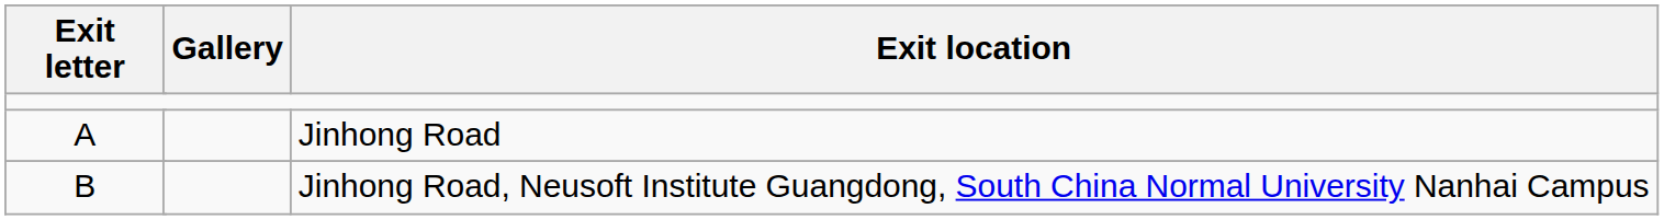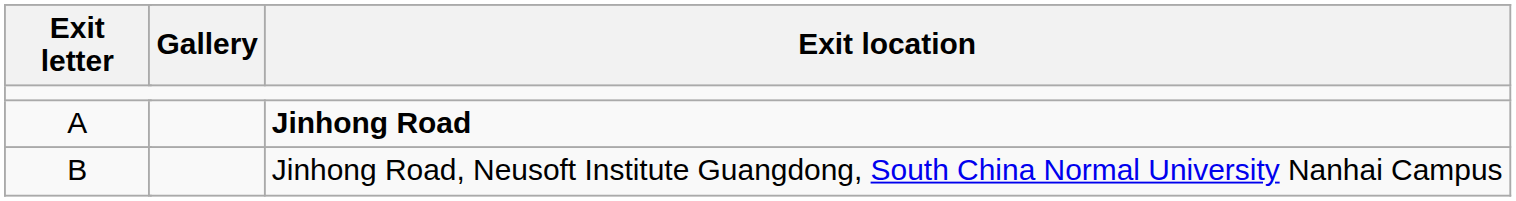 <table class="wikitable">
 <tr>
 <th style="width:70px" colspan=2>Exit letter</th>
 <th>Gallery</th>
 <th>Exit location</th>
 </tr>
 <tr style="background:#">
 <td colspan="4"></td>
 </tr>
 <tr>
 <td align=center colspan=2>A</td>
 <td></td>
-<td>Jinhong Road</td>
+<td><strong>Jinhong Road</strong></td>
 </tr>
 <tr>
 <td align=center colspan=2>B</td>
 <td></td>
 <td>Jinhong Road, Neusoft Institute Guangdong, <a href='#'>South China Normal University</a> Nanhai Campus</td>
 </tr>
 </table>
